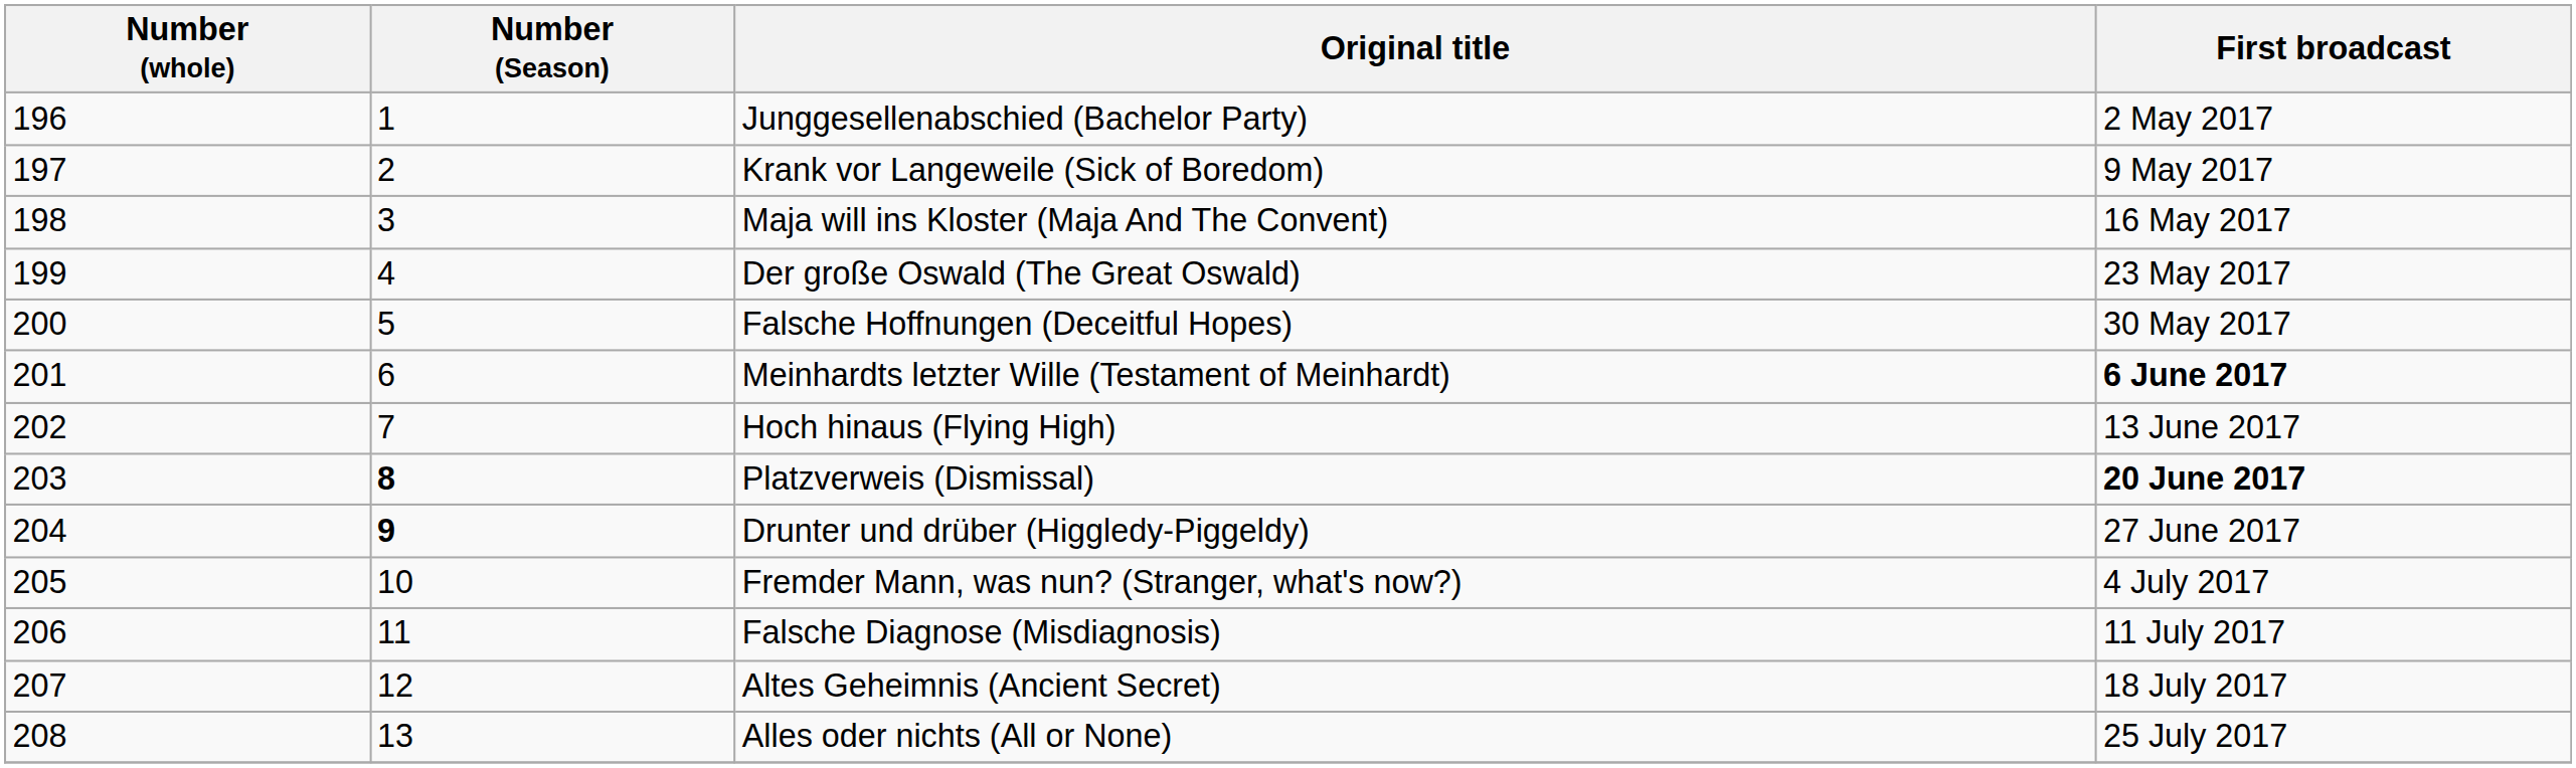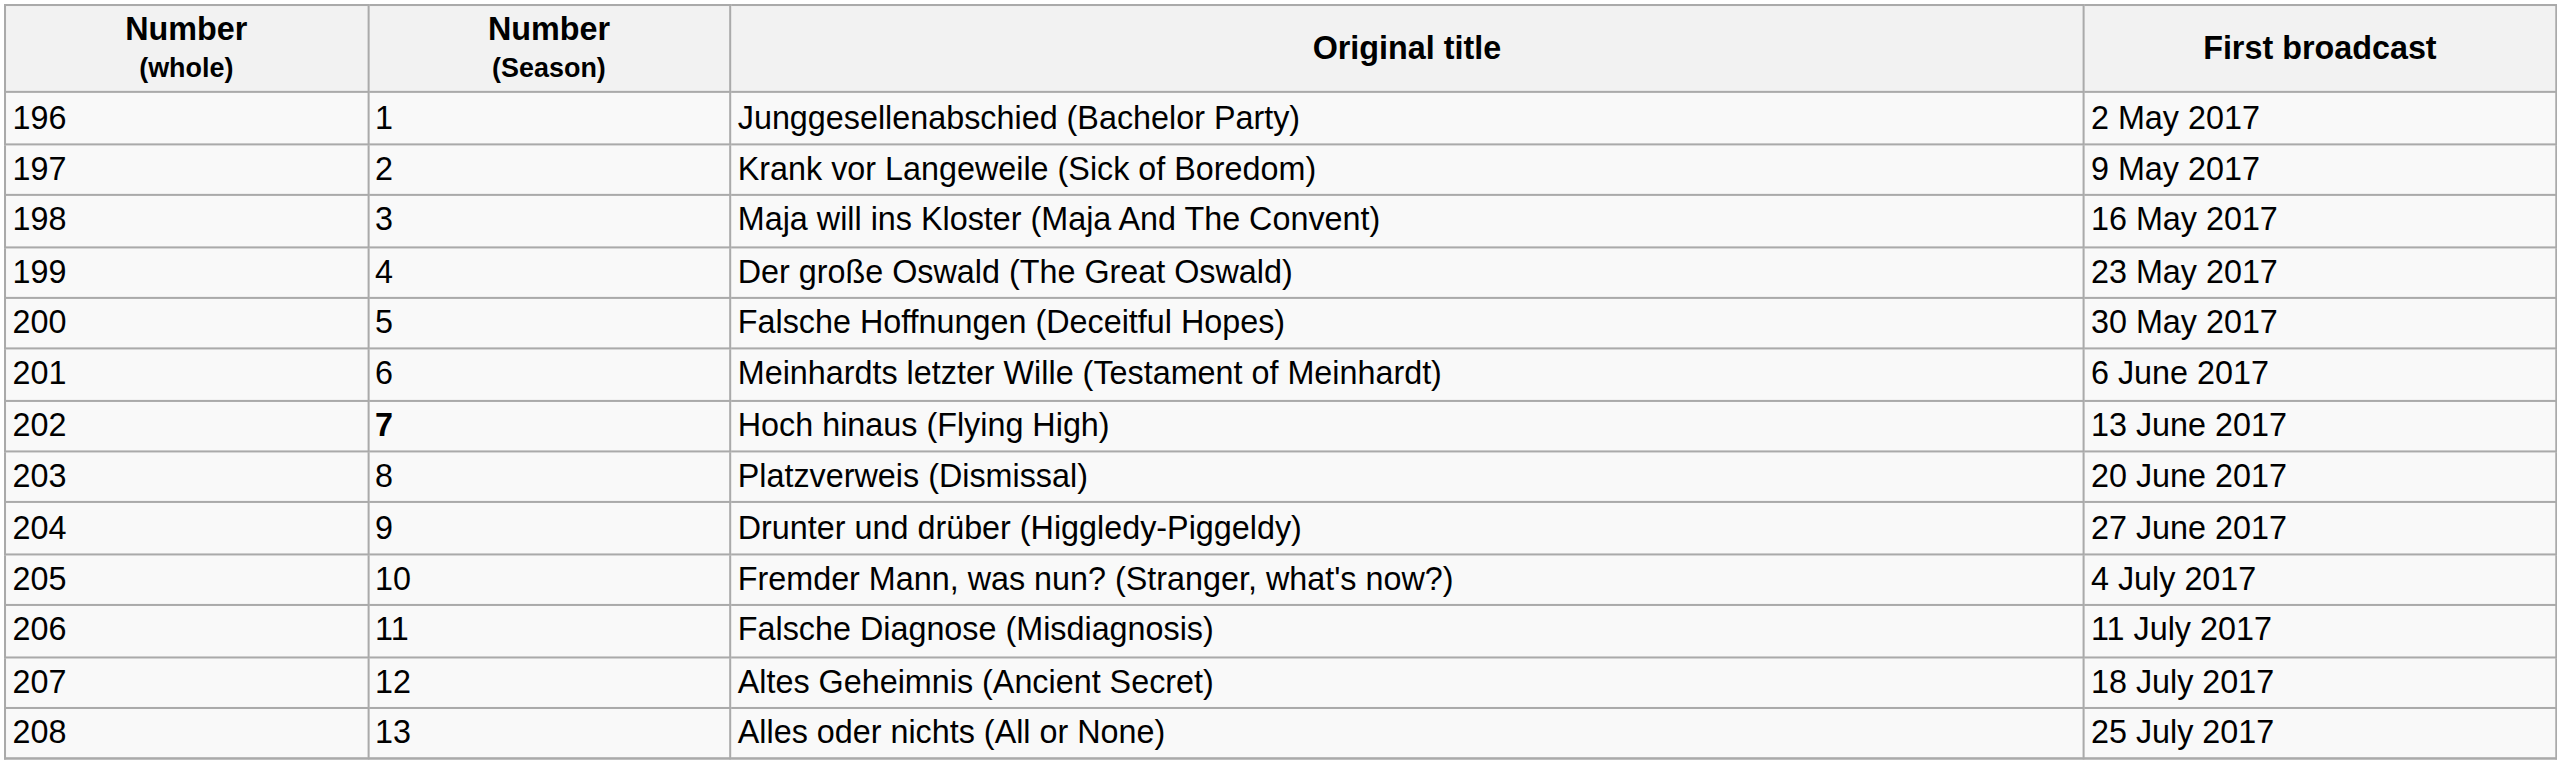 <table class="wikitable" width="100%">
 <tr>
 <th width="75"><strong>Number</strong><br> <small> (whole) </small></th>
 <th width="75"><strong>Number</strong><br> <small> (Season) </small></th>
 <th width="300">Original title</th>
 <th width="100">First broadcast</th>
 </tr>
 <tr>
 <td>196</td>
 <td>1</td>
 <td>Junggesellenabschied (Bachelor Party)</td>
 <td>2 May 2017</td>
 </tr>
 <tr>
 <td>197</td>
 <td>2</td>
 <td>Krank vor Langeweile (Sick of Boredom)</td>
 <td>9 May 2017</td>
 </tr>
 <tr>
 <td>198</td>
 <td>3</td>
 <td>Maja will ins Kloster (Maja And The Convent)</td>
 <td>16 May 2017</td>
 </tr>
 <tr>
 <td>199</td>
 <td>4</td>
 <td>Der große Oswald (The Great Oswald)</td>
 <td>23 May 2017</td>
 </tr>
 <tr>
 <td>200</td>
 <td>5</td>
 <td>Falsche Hoffnungen (Deceitful Hopes)</td>
 <td>30 May 2017</td>
 </tr>
 <tr>
 <td>201</td>
 <td>6</td>
 <td>Meinhardts letzter Wille (Testament of Meinhardt)</td>
-<td><strong>6 June 2017</strong></td>
+<td>6 June 2017</td>
 </tr>
 <tr>
 <td>202</td>
-<td>7</td>
+<td><strong>7</strong></td>
 <td>Hoch hinaus (Flying High)</td>
 <td>13 June 2017</td>
 </tr>
 <tr>
 <td>203</td>
-<td><strong>8</strong></td>
+<td>8</td>
 <td>Platzverweis (Dismissal)</td>
-<td><strong>20 June 2017</strong></td>
+<td>20 June 2017</td>
 </tr>
 <tr>
 <td>204</td>
-<td><strong>9</strong></td>
+<td>9</td>
 <td>Drunter und drüber (Higgledy-Piggeldy)</td>
 <td>27 June 2017</td>
 </tr>
 <tr>
 <td>205</td>
 <td>10</td>
 <td>Fremder Mann, was nun? (Stranger, what's now?)</td>
 <td>4 July 2017</td>
 </tr>
 <tr>
 <td>206</td>
 <td>11</td>
 <td>Falsche Diagnose (Misdiagnosis)</td>
 <td>11 July 2017</td>
 </tr>
 <tr>
 <td>207</td>
 <td>12</td>
 <td>Altes Geheimnis (Ancient Secret)</td>
 <td>18 July 2017</td>
 </tr>
 <tr>
 <td>208</td>
 <td>13</td>
 <td>Alles oder nichts (All or None)</td>
 <td>25 July 2017</td>
 </tr>
 <tr>
 </tr>
 </table>
